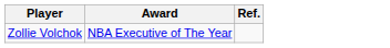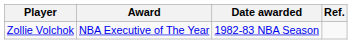 <table class="wikitable sortable">
 <tr>
 <th>Player</th>
 <th>Award</th>
+<th>Date awarded</th>
 <th>Ref.</th>
 </tr>
 <tr style="text-align: center">
 <td><a href='#'>Zollie Volchok</a></td>
 <td><a href='#'>NBA Executive of The Year</a></td>
+<td><a href='#'>1982-83 NBA Season</a></td>
 <td></td>
 </tr>
 </table>
